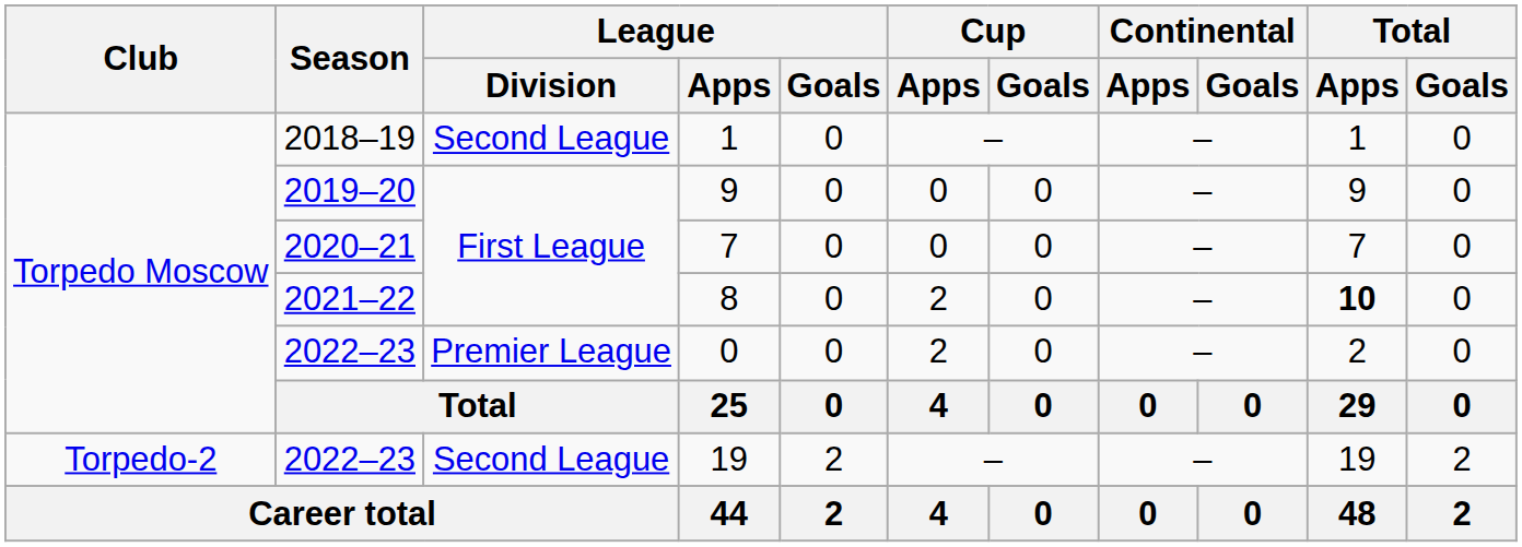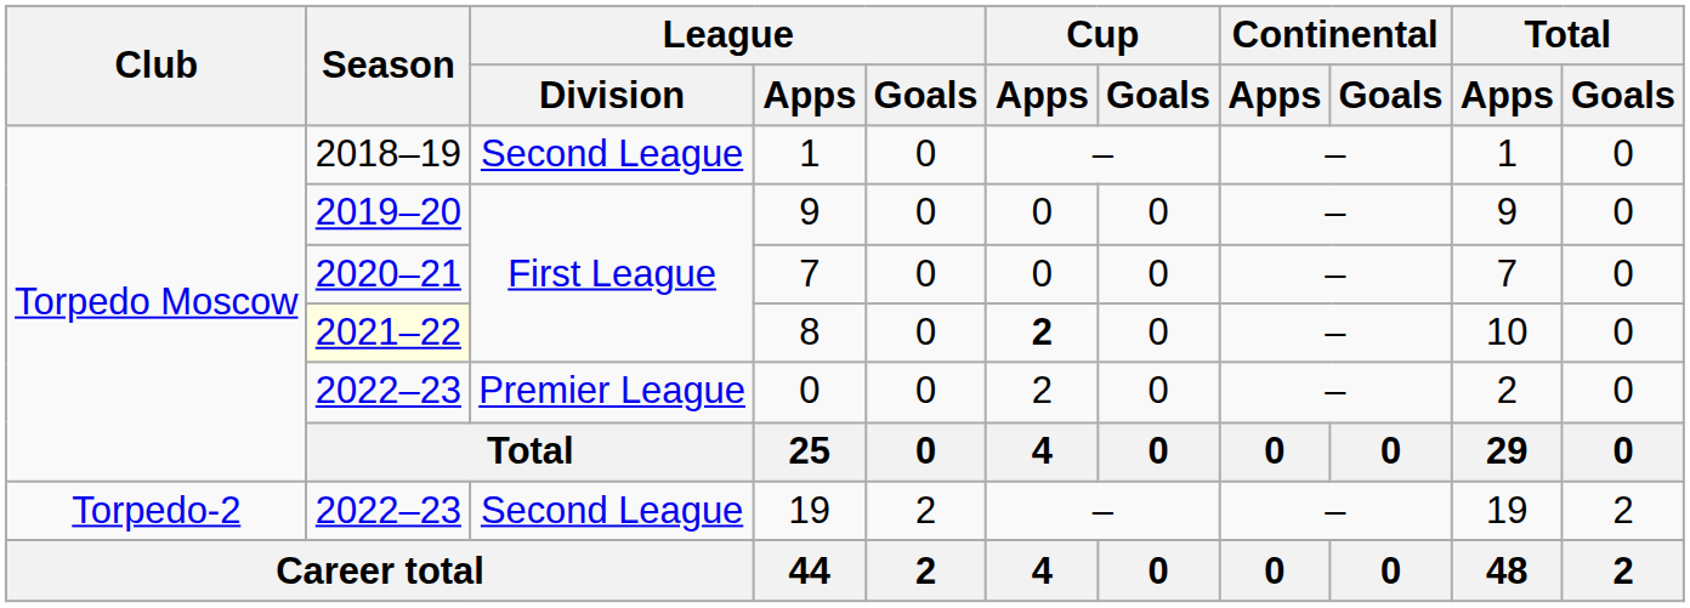 <table class="wikitable" style="text-align: center;">
 <tr>
 <th rowspan=2>Club</th>
 <th rowspan=2>Season</th>
 <th colspan=3>League</th>
 <th colspan=2>Cup</th>
 <th colspan=2>Continental</th>
 <th colspan=2>Total</th>
 </tr>
 <tr>
 <th>Division</th>
 <th>Apps</th>
 <th>Goals</th>
 <th>Apps</th>
 <th>Goals</th>
 <th>Apps</th>
 <th>Goals</th>
 <th>Apps</th>
 <th>Goals</th>
 </tr>
 <tr>
 <td rowspan="6"><a href='#'>Torpedo Moscow</a></td>
 <td>2018–19</td>
 <td><a href='#'>Second League</a></td>
 <td>1</td>
 <td>0</td>
 <td colspan=2>–</td>
 <td colspan=2>–</td>
 <td>1</td>
 <td>0</td>
 </tr>
 <tr>
 <td><a href='#'>2019–20</a></td>
 <td rowspan="3"><a href='#'>First League</a></td>
 <td>9</td>
 <td>0</td>
 <td>0</td>
 <td>0</td>
 <td colspan=2>–</td>
 <td>9</td>
 <td>0</td>
 </tr>
 <tr>
 <td><a href='#'>2020–21</a></td>
 <td>7</td>
 <td>0</td>
 <td>0</td>
 <td>0</td>
 <td colspan=2>–</td>
 <td>7</td>
 <td>0</td>
 </tr>
 <tr>
-<td><a href='#'>2021–22</a></td>
+<td style="background: lightyellow;"><a href='#'>2021–22</a></td>
 <td>8</td>
 <td>0</td>
-<td>2</td>
+<td><strong>2</strong></td>
 <td>0</td>
 <td colspan=2>–</td>
-<td><strong>10</strong></td>
+<td>10</td>
 <td>0</td>
 </tr>
 <tr>
 <td><a href='#'>2022–23</a></td>
 <td><a href='#'>Premier League</a></td>
 <td>0</td>
 <td>0</td>
 <td>2</td>
 <td>0</td>
 <td colspan=2>–</td>
 <td>2</td>
 <td>0</td>
 </tr>
 <tr>
 <th colspan=2>Total</th>
 <th>25</th>
 <th>0</th>
 <th>4</th>
 <th>0</th>
 <th>0</th>
 <th>0</th>
 <th>29</th>
 <th>0</th>
 </tr>
 <tr>
 <td><a href='#'>Torpedo-2</a></td>
 <td><a href='#'>2022–23</a></td>
 <td><a href='#'>Second League</a></td>
 <td>19</td>
 <td>2</td>
 <td colspan=2>–</td>
 <td colspan=2>–</td>
 <td>19</td>
 <td>2</td>
 </tr>
 <tr>
 <th colspan=3>Career total</th>
 <th>44</th>
 <th>2</th>
 <th>4</th>
 <th>0</th>
 <th>0</th>
 <th>0</th>
 <th>48</th>
 <th>2</th>
 </tr>
 </table>
